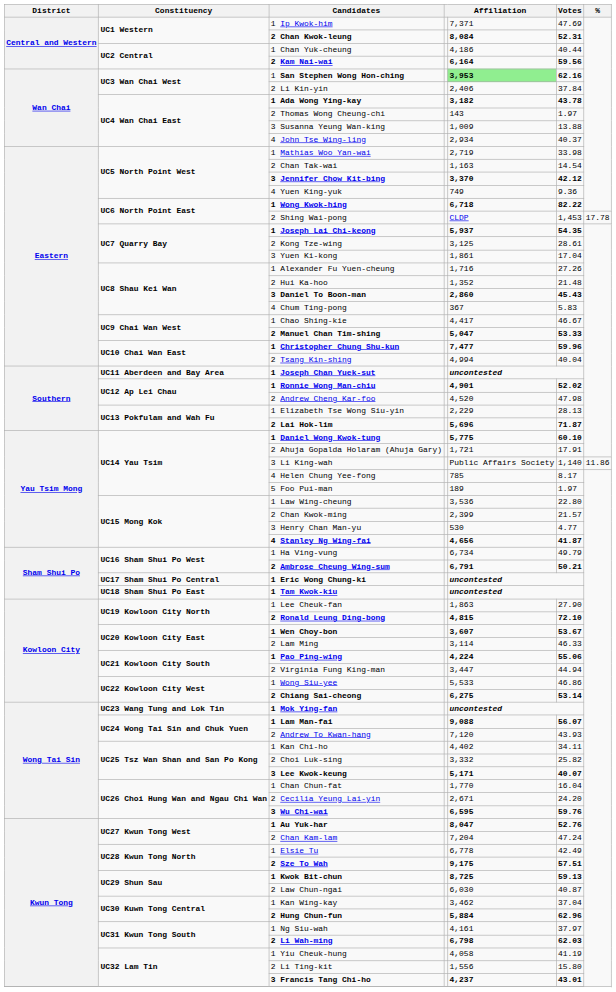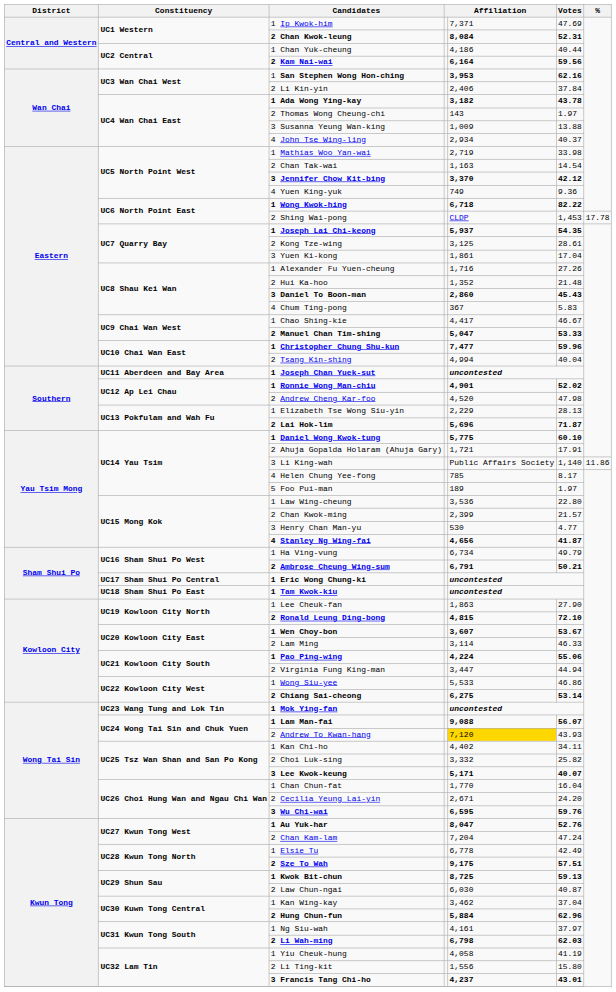 <table class="wikitable">
 <tr>
 <th>District</th>
 <th>Constituency</th>
 <th>Candidates</th>
 <th colspan=2>Affiliation</th>
 <th>Votes</th>
 <th>%</th>
 </tr>
 <tr>
 <th rowspan=4><a href='#'>Central and Western</a></th>
 <td rowspan=2><strong>UC1 Western</strong></td>
 <td>1 <a href='#'>Ip Kwok-him</a></td>
 <td></td>
 <td>7,371</td>
 <td>47.69</td>
 </tr>
 <tr>
 <td><strong>2 Chan Kwok-leung</strong></td>
 <td></td>
 <td><strong>8,084</strong></td>
 <td><strong>52.31</strong></td>
 </tr>
 <tr>
 <td rowspan=2><strong>UC2 Central</strong></td>
 <td>1 Chan Yuk-cheung</td>
 <td></td>
 <td>4,186</td>
 <td>40.44</td>
 </tr>
 <tr>
 <td><strong>2 <a href='#'>Kam Nai-wai</a></strong></td>
 <td></td>
 <td><strong>6,164</strong></td>
 <td><strong>59.56</strong></td>
 </tr>
 <tr>
 <th rowspan=6><a href='#'>Wan Chai</a></th>
 <td rowspan=2><strong>UC3 Wan Chai West</strong></td>
 <td>1 <strong>San Stephen Wong Hon-ching</strong></td>
 <td></td>
-<td style="background: lightgreen;"><strong>3,953</strong></td>
+<td><strong>3,953</strong></td>
 <td><strong>62.16</strong></td>
 </tr>
 <tr>
 <td>2 Li Kin-yin</td>
 <td></td>
 <td>2,406</td>
 <td>37.84</td>
 </tr>
 <tr>
 <td rowspan=4><strong>UC4 Wan Chai East</strong></td>
 <td><strong>1 Ada Wong Ying-kay</strong></td>
 <td></td>
 <td><strong>3,182</strong></td>
 <td><strong>43.78</strong></td>
 </tr>
 <tr>
 <td>2 Thomas Wong Cheung-chi</td>
 <td></td>
 <td>143</td>
 <td>1.97</td>
 </tr>
 <tr>
 <td>3 Susanna Yeung Wan-king</td>
 <td></td>
 <td>1,009</td>
 <td>13.88</td>
 </tr>
 <tr>
 <td>4 <a href='#'>John Tse Wing-ling</a></td>
 <td></td>
 <td>2,934</td>
 <td>40.37</td>
 </tr>
 <tr>
 <th rowspan=17><a href='#'>Eastern</a></th>
 <td rowspan=4><strong>UC5 North Point West</strong></td>
 <td>1 <a href='#'>Mathias Woo Yan-wai</a></td>
 <td></td>
 <td>2,719</td>
 <td>33.98</td>
 </tr>
 <tr>
 <td>2 Chan Tak-wai</td>
 <td></td>
 <td>1,163</td>
 <td>14.54</td>
 </tr>
 <tr>
 <td><strong>3 <a href='#'>Jennifer Chow Kit-bing</a></strong></td>
 <td></td>
 <td><strong>3,370</strong></td>
 <td><strong>42.12</strong></td>
 </tr>
 <tr>
 <td>4 Yuen King-yuk</td>
 <td></td>
 <td>749</td>
 <td>9.36</td>
 </tr>
 <tr>
 <td rowspan=2><strong>UC6 North Point East</strong></td>
 <td><strong>1 <a href='#'>Wong Kwok-hing</a></strong></td>
 <td></td>
 <td><strong>6,718</strong></td>
 <td><strong>82.22</strong></td>
 </tr>
 <tr>
 <td>2 Shing Wai-pong</td>
 <td></td>
 <td><a href='#'>CLDP</a></td>
 <td>1,453</td>
 <td>17.78</td>
 </tr>
 <tr>
 <td rowspan=3><strong>UC7 Quarry Bay</strong></td>
 <td><strong>1 <a href='#'>Joseph Lai Chi-keong</a></strong></td>
 <td></td>
 <td><strong>5,937</strong></td>
 <td><strong>54.35</strong></td>
 </tr>
 <tr>
 <td>2 Kong Tze-wing</td>
 <td></td>
 <td>3,125</td>
 <td>28.61</td>
 </tr>
 <tr>
 <td>3 Yuen Ki-kong</td>
 <td></td>
 <td>1,861</td>
 <td>17.04</td>
 </tr>
 <tr>
 <td rowspan=4><strong>UC8 Shau Kei Wan</strong></td>
 <td>1 Alexander Fu Yuen-cheung</td>
 <td></td>
 <td>1,716</td>
 <td>27.26</td>
 </tr>
 <tr>
 <td>2 Hui Ka-hoo</td>
 <td></td>
 <td>1,352</td>
 <td>21.48</td>
 </tr>
 <tr>
 <td><strong>3 Daniel To Boon-man</strong></td>
 <td></td>
 <td><strong>2,860</strong></td>
 <td><strong>45.43</strong></td>
 </tr>
 <tr>
 <td>4 Chum Ting-pong</td>
 <td></td>
 <td>367</td>
 <td>5.83</td>
 </tr>
 <tr>
 <td rowspan=2><strong>UC9 Chai Wan West</strong></td>
 <td>1 Chao Shing-kie</td>
 <td></td>
 <td>4,417</td>
 <td>46.67</td>
 </tr>
 <tr>
 <td><strong>2 Manuel Chan Tim-shing</strong></td>
 <td></td>
 <td><strong>5,047</strong></td>
 <td><strong>53.33</strong></td>
 </tr>
 <tr>
 <td rowspan=2><strong>UC10 Chai Wan East</strong></td>
 <td><strong>1 <a href='#'>Christopher Chung Shu-kun</a></strong></td>
 <td></td>
 <td><strong>7,477</strong></td>
 <td><strong>59.96</strong></td>
 </tr>
 <tr>
 <td>2 <a href='#'>Tsang Kin-shing</a></td>
 <td></td>
 <td>4,994</td>
 <td>40.04</td>
 </tr>
 <tr>
 <th rowspan=5><a href='#'>Southern</a></th>
 <td><strong>UC11 Aberdeen and Bay Area</strong></td>
 <td><strong>1 <a href='#'>Joseph Chan Yuek-sut</a></strong></td>
 <td></td>
 <td colspan=2><strong><em>uncontested</em></strong></td>
 </tr>
 <tr>
 <td rowspan=2><strong>UC12 Ap Lei Chau</strong></td>
 <td><strong>1 <a href='#'>Ronnie Wong Man-chiu</a></strong></td>
 <td></td>
 <td><strong>4,901</strong></td>
 <td><strong>52.02</strong></td>
 </tr>
 <tr>
 <td>2 <a href='#'>Andrew Cheng Kar-foo</a></td>
 <td></td>
 <td>4,520</td>
 <td>47.98</td>
 </tr>
 <tr>
 <td rowspan=2><strong>UC13 Pokfulam and Wah Fu</strong></td>
 <td>1 Elizabeth Tse Wong Siu-yin</td>
 <td></td>
 <td>2,229</td>
 <td>28.13</td>
 </tr>
 <tr>
 <td><strong>2 Lai Hok-lim</strong></td>
 <td></td>
 <td><strong>5,696</strong></td>
 <td><strong>71.87</strong></td>
 </tr>
 <tr>
 <th rowspan=9><a href='#'>Yau Tsim Mong</a></th>
 <td rowspan=5><strong>UC14 Yau Tsim</strong></td>
 <td><strong>1 <a href='#'>Daniel Wong Kwok-tung</a></strong></td>
 <td></td>
 <td><strong>5,775</strong></td>
 <td><strong>60.10</strong></td>
 </tr>
 <tr>
 <td>2 Ahuja Gopalda Holaram (Ahuja Gary)</td>
 <td></td>
 <td>1,721</td>
 <td>17.91</td>
 </tr>
 <tr>
 <td>3 Li King-wah</td>
 <td></td>
 <td>Public Affairs Society</td>
 <td>1,140</td>
 <td>11.86</td>
 </tr>
 <tr>
 <td>4 Helen Chung Yee-fong</td>
 <td></td>
 <td>785</td>
 <td>8.17</td>
 </tr>
 <tr>
 <td>5 Foo Pui-man</td>
 <td></td>
 <td>189</td>
 <td>1.97</td>
 </tr>
 <tr>
 <td rowspan=4><strong>UC15 Mong Kok</strong></td>
 <td>1 Law Wing-cheung</td>
 <td></td>
 <td>3,536</td>
 <td>22.80</td>
 </tr>
 <tr>
 <td>2 Chan Kwok-ming</td>
 <td></td>
 <td>2,399</td>
 <td>21.57</td>
 </tr>
 <tr>
 <td>3 Henry Chan Man-yu</td>
 <td></td>
 <td>530</td>
 <td>4.77</td>
 </tr>
 <tr>
 <td><strong>4 <a href='#'>Stanley Ng Wing-fai</a></strong></td>
 <td></td>
 <td><strong>4,656</strong></td>
 <td><strong>41.87</strong></td>
 </tr>
 <tr>
 <th rowspan=4><a href='#'>Sham Shui Po</a></th>
 <td rowspan=2><strong>UC16 Sham Shui Po West</strong></td>
 <td>1 Ha Ving-vung</td>
 <td></td>
 <td>6,734</td>
 <td>49.79</td>
 </tr>
 <tr>
 <td><strong>2 <a href='#'>Ambrose Cheung Wing-sum</a></strong></td>
 <td></td>
 <td><strong>6,791</strong></td>
 <td><strong>50.21</strong></td>
 </tr>
 <tr>
 <td><strong>UC17 Sham Shui Po Central</strong></td>
 <td><strong>1 Eric Wong Chung-ki</strong></td>
 <td></td>
 <td colspan=2><strong><em>uncontested</em></strong></td>
 </tr>
 <tr>
 <td><strong>UC18 Sham Shui Po East</strong></td>
 <td><strong>1 <a href='#'>Tam Kwok-kiu</a></strong></td>
 <td></td>
 <td colspan=2><strong><em>uncontested</em></strong></td>
 </tr>
 <tr>
 <th rowspan=8><a href='#'>Kowloon City</a></th>
 <td rowspan=2><strong>UC19 Kowloon City North</strong></td>
 <td>1 Lee Cheuk-fan</td>
 <td></td>
 <td>1,863</td>
 <td>27.90</td>
 </tr>
 <tr>
 <td><strong>2 <a href='#'>Ronald Leung Ding-bong</a></strong></td>
 <td></td>
 <td><strong>4,815</strong></td>
 <td><strong>72.10</strong></td>
 </tr>
 <tr>
 <td rowspan=2><strong>UC20 Kowloon City East</strong></td>
 <td><strong>1 Wen Choy-bon</strong></td>
 <td></td>
 <td><strong>3,607</strong></td>
 <td><strong>53.67</strong></td>
 </tr>
 <tr>
 <td>2 Lam Ming</td>
 <td></td>
 <td>3,114</td>
 <td>46.33</td>
 </tr>
 <tr>
 <td rowspan=2><strong>UC21 Kowloon City South</strong></td>
 <td><strong>1 <a href='#'>Pao Ping-wing</a></strong></td>
 <td></td>
 <td><strong>4,224</strong></td>
 <td><strong>55.06</strong></td>
 </tr>
 <tr>
 <td>2 Virginia Fung King-man</td>
 <td></td>
 <td>3,447</td>
 <td>44.94</td>
 </tr>
 <tr>
 <td rowspan=2><strong>UC22 Kowloon City West</strong></td>
 <td>1 <a href='#'>Wong Siu-yee</a></td>
 <td></td>
 <td>5,533</td>
 <td>46.86</td>
 </tr>
 <tr>
 <td><strong>2 Chiang Sai-cheong</strong></td>
 <td></td>
 <td><strong>6,275</strong></td>
 <td><strong>53.14</strong></td>
 </tr>
 <tr>
 <th rowspan=9><a href='#'>Wong Tai Sin</a></th>
 <td><strong>UC23 Wang Tung and Lok Tin</strong></td>
 <td><strong>1 <a href='#'>Mok Ying-fan</a></strong></td>
 <td></td>
 <td colspan=2><strong><em>uncontested</em></strong></td>
 </tr>
 <tr>
 <td rowspan=2><strong>UC24 Wong Tai Sin and Chuk Yuen</strong></td>
 <td><strong>1 Lam Man-fai</strong></td>
 <td></td>
 <td><strong>9,088</strong></td>
 <td><strong>56.07</strong></td>
 </tr>
 <tr>
 <td>2 <a href='#'>Andrew To Kwan-hang</a></td>
 <td></td>
-<td>7,120</td>
+<td style="background: gold;">7,120</td>
 <td>43.93</td>
 </tr>
 <tr>
 <td rowspan=3><strong>UC25 Tsz Wan Shan and San Po Kong</strong></td>
 <td>1 Kan Chi-ho</td>
 <td></td>
 <td>4,402</td>
 <td>34.11</td>
 </tr>
 <tr>
 <td>2 Choi Luk-sing</td>
 <td></td>
 <td>3,332</td>
 <td>25.82</td>
 </tr>
 <tr>
 <td><strong>3 Lee Kwok-keung</strong></td>
 <td></td>
 <td><strong>5,171</strong></td>
 <td><strong>40.07</strong></td>
 </tr>
 <tr>
 <td rowspan=3><strong>UC26 Choi Hung Wan and Ngau Chi Wan</strong></td>
 <td>1 Chan Chun-fat</td>
 <td></td>
 <td>1,770</td>
 <td>16.04</td>
 </tr>
 <tr>
 <td>2 <a href='#'>Cecilia Yeung Lai-yin</a></td>
 <td></td>
 <td>2,671</td>
 <td>24.20</td>
 </tr>
 <tr>
 <td><strong>3 <a href='#'>Wu Chi-wai</a></strong></td>
 <td></td>
 <td><strong>6,595</strong></td>
 <td><strong>59.76</strong></td>
 </tr>
 <tr>
 <th rowspan=13><a href='#'>Kwun Tong</a></th>
 <td rowspan=2><strong>UC27 Kwun Tong West</strong></td>
 <td><strong>1 Au Yuk-har</strong></td>
 <td></td>
 <td><strong>8,047</strong></td>
 <td><strong>52.76</strong></td>
 </tr>
 <tr>
 <td>2 <a href='#'>Chan Kam-lam</a></td>
 <td></td>
 <td>7,204</td>
 <td>47.24</td>
 </tr>
 <tr>
 <td rowspan=2><strong>UC28 Kwun Tong North</strong></td>
 <td>1 <a href='#'>Elsie Tu</a></td>
 <td></td>
 <td>6,778</td>
 <td>42.49</td>
 </tr>
 <tr>
 <td><strong>2 <a href='#'>Sze To Wah</a></strong></td>
 <td></td>
 <td><strong>9,175</strong></td>
 <td><strong>57.51</strong></td>
 </tr>
 <tr>
 <td rowspan=2><strong>UC29 Shun Sau</strong></td>
 <td><strong>1 Kwok Bit-chun</strong></td>
 <td></td>
 <td><strong>8,725</strong></td>
 <td><strong>59.13</strong></td>
 </tr>
 <tr>
 <td>2 Law Chun-ngai</td>
 <td></td>
 <td>6,030</td>
 <td>40.87</td>
 </tr>
 <tr>
 <td rowspan=2><strong>UC30 Kuwn Tong Central</strong></td>
 <td>1 Kan Wing-kay</td>
 <td></td>
 <td>3,462</td>
 <td>37.04</td>
 </tr>
 <tr>
 <td><strong>2 Hung Chun-fun</strong></td>
 <td></td>
 <td><strong>5,884</strong></td>
 <td><strong>62.96</strong></td>
 </tr>
 <tr>
 <td rowspan=2><strong>UC31 Kwun Tong South</strong></td>
 <td>1 Ng Siu-wah</td>
 <td></td>
 <td>4,161</td>
 <td>37.97</td>
 </tr>
 <tr>
 <td><strong>2 <a href='#'>Li Wah-ming</a></strong></td>
 <td></td>
 <td><strong>6,798</strong></td>
 <td><strong>62.03</strong></td>
 </tr>
 <tr>
 <td rowspan=3><strong>UC32 Lam Tin</strong></td>
 <td>1 Yiu Cheuk-hung</td>
 <td></td>
 <td>4,058</td>
 <td>41.19</td>
 </tr>
 <tr>
 <td>2 Li Ting-kit</td>
 <td></td>
 <td>1,556</td>
 <td>15.80</td>
 </tr>
 <tr>
 <td><strong>3 Francis Tang Chi-ho</strong></td>
 <td></td>
 <td><strong>4,237</strong></td>
 <td><strong>43.01</strong></td>
 </tr>
 <tr>
 </tr>
 </table>
